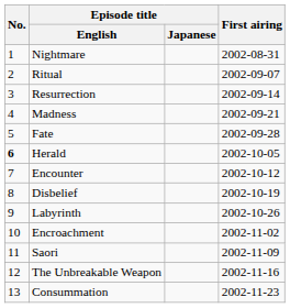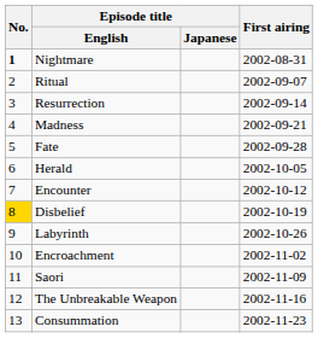 <table class="wikitable">
 <tr>
 <th rowspan="2">No.</th>
 <th colspan="2" align="center">Episode title</th>
 <th rowspan="2">First airing</th>
 </tr>
 <tr>
 <th>English</th>
 <th>Japanese</th>
 </tr>
 <tr>
-<td>1</td>
+<td><strong>1</strong></td>
 <td>Nightmare</td>
 <td></td>
 <td>2002-08-31</td>
 </tr>
 <tr>
 <td>2</td>
 <td>Ritual</td>
 <td></td>
 <td>2002-09-07</td>
 </tr>
 <tr>
 <td>3</td>
 <td>Resurrection</td>
 <td></td>
 <td>2002-09-14</td>
 </tr>
 <tr>
 <td>4</td>
 <td>Madness</td>
 <td></td>
 <td>2002-09-21</td>
 </tr>
 <tr>
 <td>5</td>
 <td>Fate</td>
 <td></td>
 <td>2002-09-28</td>
 </tr>
 <tr>
-<td><strong>6</strong></td>
+<td>6</td>
 <td>Herald</td>
 <td></td>
 <td>2002-10-05</td>
 </tr>
 <tr>
 <td>7</td>
 <td>Encounter</td>
 <td></td>
 <td>2002-10-12</td>
 </tr>
 <tr>
-<td>8</td>
+<td style="background: gold;">8</td>
 <td>Disbelief</td>
 <td></td>
 <td>2002-10-19</td>
 </tr>
 <tr>
 <td>9</td>
 <td>Labyrinth</td>
 <td></td>
 <td>2002-10-26</td>
 </tr>
 <tr>
 <td>10</td>
 <td>Encroachment</td>
 <td></td>
 <td>2002-11-02</td>
 </tr>
 <tr>
 <td>11</td>
 <td>Saori</td>
 <td></td>
 <td>2002-11-09</td>
 </tr>
 <tr>
 <td>12</td>
 <td>The Unbreakable Weapon</td>
 <td></td>
 <td>2002-11-16</td>
 </tr>
 <tr>
 <td>13</td>
 <td>Consummation</td>
 <td></td>
 <td>2002-11-23</td>
 </tr>
 </table>
